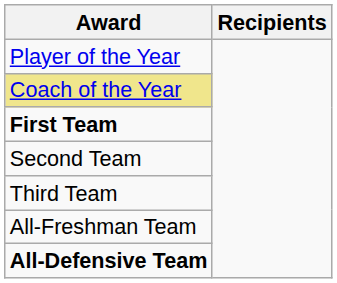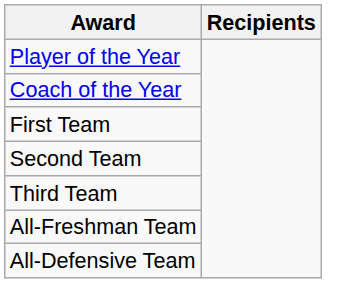 <table class="wikitable" style="white-space:nowrap; font-size:90%;">
 <tr>
 <th>Award</th>
 <th>Recipients</th>
 </tr>
 <tr>
 <td><a href='#'>Player of the Year</a></td>
 </tr>
 <tr>
-<td style="background: khaki;"><a href='#'>Coach of the Year</a></td>
+<td><a href='#'>Coach of the Year</a></td>
 </tr>
 <tr>
-<td><strong>First Team</strong></td>
+<td>First Team</td>
 </tr>
 <tr>
 <td>Second Team</td>
 </tr>
 <tr>
 <td>Third Team</td>
 </tr>
 <tr>
 <td>All-Freshman Team</td>
 </tr>
 <tr>
-<td><strong>All-Defensive Team</strong></td>
+<td>All-Defensive Team</td>
 </tr>
 </table>
